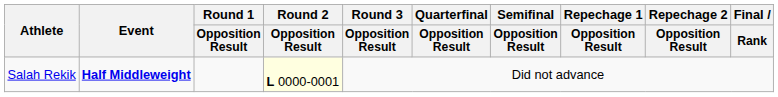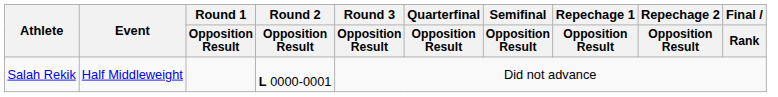 <table class="wikitable" style="font-size:90%">
 <tr>
 <th rowspan="2">Athlete</th>
 <th rowspan="2">Event</th>
 <th>Round 1</th>
 <th>Round 2</th>
 <th>Round 3</th>
 <th>Quarterfinal</th>
 <th>Semifinal</th>
 <th>Repechage 1</th>
 <th>Repechage 2</th>
 <th colspan=2>Final / </th>
 </tr>
 <tr style="font-size:95%">
 <th>Opposition<br>Result</th>
 <th>Opposition<br>Result</th>
 <th>Opposition<br>Result</th>
 <th>Opposition<br>Result</th>
 <th>Opposition<br>Result</th>
 <th>Opposition<br>Result</th>
 <th>Opposition<br>Result</th>
 <th>Rank</th>
 </tr>
 <tr align=center>
 <td align=left><a href='#'>Salah Rekik</a></td>
-<td align=left><strong><a href='#'>Half Middleweight</a></strong></td>
+<td align=left><a href='#'>Half Middleweight</a></td>
 <td></td>
-<td style="background: lightyellow;"><br><strong>L</strong> 0000-0001</td>
+<td><br><strong>L</strong> 0000-0001</td>
 <td colspan=6>Did not advance</td>
 </tr>
 </table>
